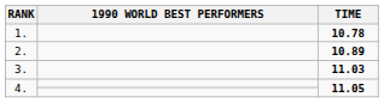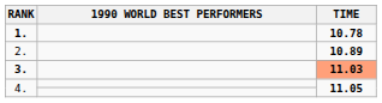 <table class="wikitable" style="border-collapse: collapse; font-size: 90%;">
 <tr>
 <th>RANK</th>
 <th align="center" style="width: 25em">1990 WORLD BEST PERFORMERS</th>
 <th align="center" style="width: 5em">TIME</th>
 </tr>
 <tr>
-<td align="center">1.</td>
+<td align="center"><strong>1.</strong></td>
 <td></td>
 <td align="center"><strong>10.78</strong></td>
 </tr>
 <tr>
 <td align="center">2.</td>
 <td></td>
 <td align="center"><strong>10.89</strong></td>
 </tr>
 <tr>
-<td align="center">3.</td>
+<td align="center"><strong>3.</strong></td>
 <td></td>
-<td align="center"><strong>11.03</strong></td>
+<td align="center" style="background: lightsalmon;"><strong>11.03</strong></td>
 </tr>
 <tr>
 <td rowspan=2 align="center">4.</td>
 <td></td>
 <td rowspan=2 align="center"><strong>11.05</strong></td>
 </tr>
 <tr>
 <td></td>
 </tr>
 </table>
